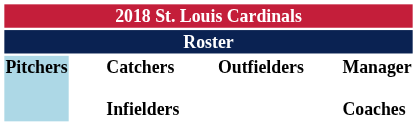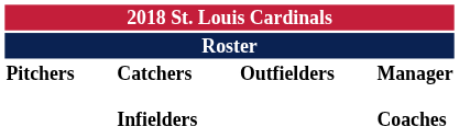 <table class="toccolours" style="font-size: 95%;">
 <tr>
 <th colspan="10" style="background:#c41e3a; color:#fff; text-align:center;">2018 St. Louis Cardinals</th>
 </tr>
 <tr>
 <td colspan="10" style="background:#0a2252; color:#fff; text-align:center;"><strong>Roster</strong></td>
 </tr>
 <tr>
-<td valign="top" style="background: lightblue;"><strong>Pitchers</strong><br>                           </td>
+<td valign="top"><strong>Pitchers</strong><br>                           </td>
 <td style="width:25px;"></td>
 <td valign="top"><strong>Catchers</strong><br>   <br><strong>Infielders</strong>           </td>
 <td style="width:25px;"></td>
 <td valign="top"><strong>Outfielders</strong><br>     </td>
 <td style="width:25px;"></td>
 <td valign="top"><strong>Manager</strong><br> <br><strong>Coaches</strong>                            </td>
 </tr>
 </table>
